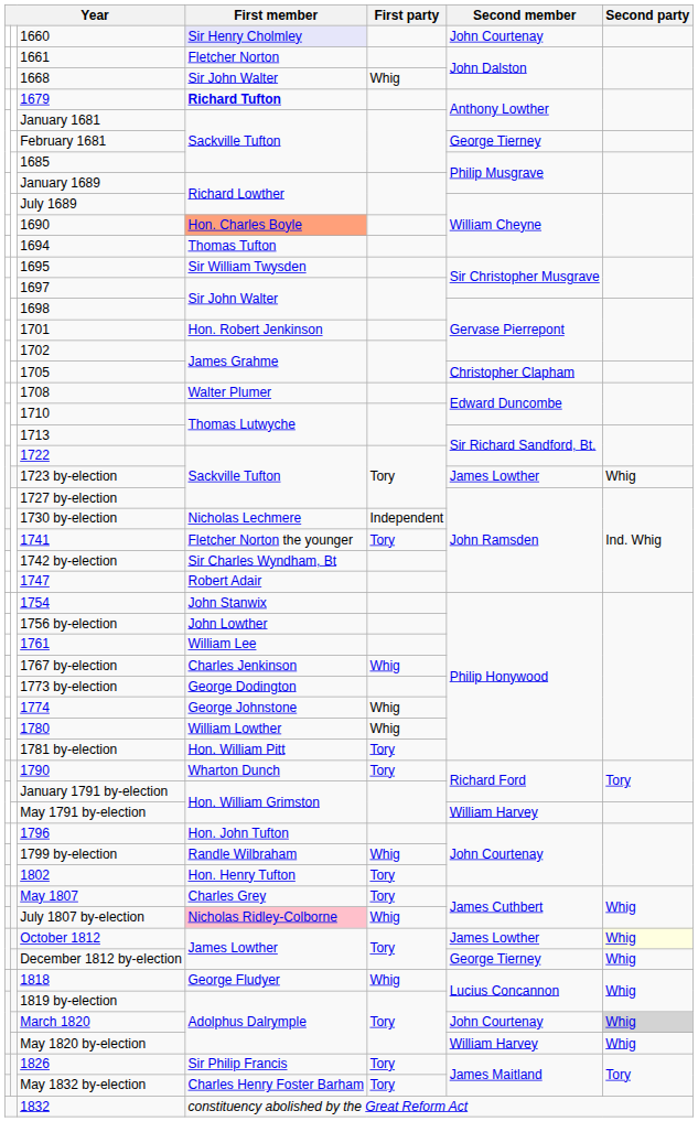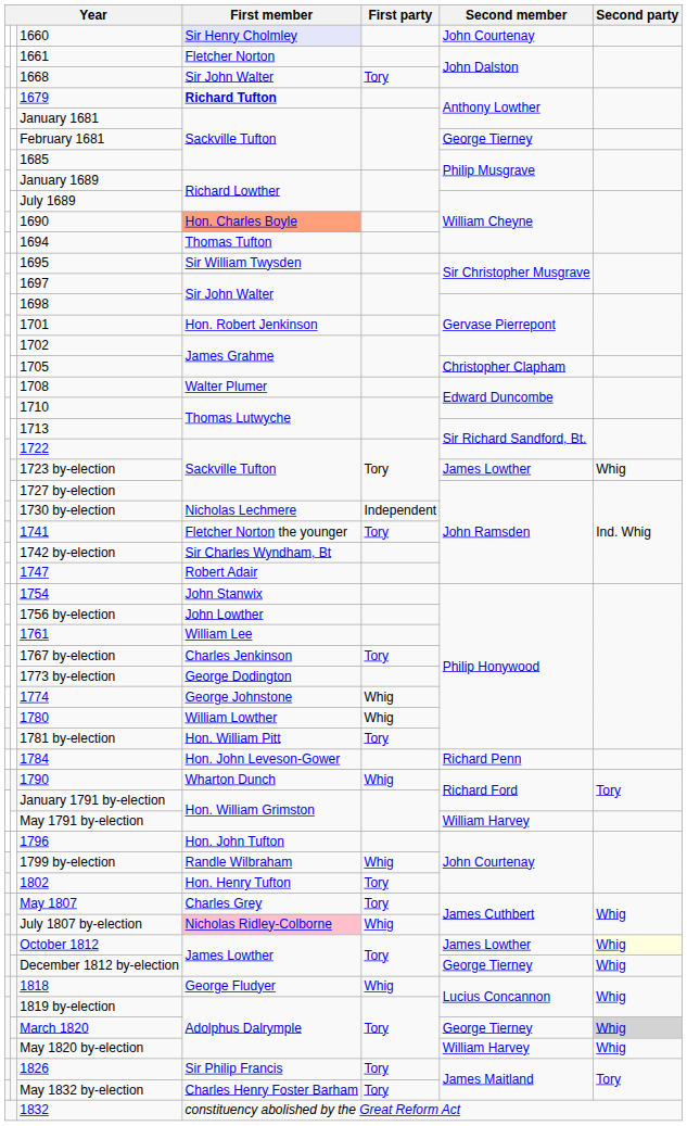 <table class="wikitable">
 <tr>
 <th colspan="3">Year</th>
 <th>First member</th>
 <th>First party</th>
 <th>Second member</th>
 <th>Second party</th>
 </tr>
 <tr>
 <td style="color:inherit;background-color: white"></td>
 <td style="color:inherit;background-color: white"></td>
 <td>1660</td>
 <td style="background: lavender;"><a href='#'>Sir Henry Cholmley</a></td>
 <td></td>
 <td><a href='#'>John Courtenay</a></td>
 <td></td>
 </tr>
 <tr>
 <td style="color:inherit;background-color: white"></td>
 <td rowspan="2" style="color:inherit;background-color: white"></td>
 <td>1661</td>
 <td><a href='#'>Fletcher Norton</a></td>
 <td></td>
 <td rowspan="2"><a href='#'>John Dalston</a></td>
 <td rowspan="2"></td>
 </tr>
 <tr>
 <td style="color:inherit;background-color: "></td>
 <td>1668</td>
 <td><a href='#'>Sir John Walter</a></td>
-<td>Whig</td>
+<td><a href='#'>Tory</a></td>
 </tr>
 <tr>
 <td style="color:inherit;background-color: white"></td>
 <td rowspan="2" style="color:inherit;background-color: white"></td>
 <td><a href='#'>1679</a></td>
 <td><strong><a href='#'>Richard Tufton</a></strong></td>
 <td></td>
 <td rowspan="2"><a href='#'>Anthony Lowther</a></td>
 <td rowspan="2"></td>
 </tr>
 <tr>
 <td rowspan="3" style="color:inherit;background-color: white"></td>
 <td>January 1681</td>
 <td rowspan="3"><a href='#'>Sackville Tufton</a></td>
 <td rowspan="3"></td>
 </tr>
 <tr>
 <td style="color:inherit;background-color: white"></td>
 <td>February 1681</td>
 <td><a href='#'>George Tierney</a></td>
 <td></td>
 </tr>
 <tr>
 <td rowspan="2" style="color:inherit;background-color: white"></td>
 <td>1685</td>
 <td rowspan="2"><a href='#'>Philip Musgrave</a></td>
 <td rowspan="2"></td>
 </tr>
 <tr>
 <td rowspan="2" style="color:inherit;background-color: white"></td>
 <td>January 1689</td>
 <td rowspan="2"><a href='#'>Richard Lowther</a></td>
 <td rowspan="2"></td>
 </tr>
 <tr>
 <td rowspan="3" style="color:inherit;background-color: white"></td>
 <td>July 1689</td>
 <td rowspan="3"><a href='#'>William Cheyne</a></td>
 <td rowspan="3"></td>
 </tr>
 <tr>
 <td style="color:inherit;background-color: white"></td>
 <td>1690</td>
 <td style="background: lightsalmon;"><a href='#'>Hon. Charles Boyle</a></td>
 <td></td>
 </tr>
 <tr>
 <td style="color:inherit;background-color: white"></td>
 <td>1694</td>
 <td><a href='#'>Thomas Tufton</a></td>
 <td></td>
 </tr>
 <tr>
 <td style="color:inherit;background-color: white"></td>
 <td rowspan="2" style="color:inherit;background-color: white"></td>
 <td>1695</td>
 <td><a href='#'>Sir William Twysden</a></td>
 <td></td>
 <td rowspan="2"><a href='#'>Sir Christopher Musgrave</a></td>
 <td rowspan="2"></td>
 </tr>
 <tr>
 <td rowspan="2" style="color:inherit;background-color: white"></td>
 <td>1697</td>
 <td rowspan="2"><a href='#'>Sir John Walter</a></td>
 <td rowspan="2"></td>
 </tr>
 <tr>
 <td rowspan="3" style="color:inherit;background-color: white"></td>
 <td>1698</td>
 <td rowspan="3"><a href='#'>Gervase Pierrepont</a></td>
 <td rowspan="3"></td>
 </tr>
 <tr>
 <td style="color:inherit;background-color: white"></td>
 <td>1701</td>
 <td><a href='#'>Hon. Robert Jenkinson</a></td>
 <td></td>
 </tr>
 <tr>
 <td rowspan="2" style="color:inherit;background-color: white"></td>
 <td>1702</td>
 <td rowspan="2"><a href='#'>James Grahme</a></td>
 <td rowspan="2"></td>
 </tr>
 <tr>
 <td style="color:inherit;background-color: white"></td>
 <td>1705</td>
 <td><a href='#'>Christopher Clapham</a></td>
 <td></td>
 </tr>
 <tr>
 <td style="color:inherit;background-color: white"></td>
 <td rowspan="2" style="color:inherit;background-color: white"></td>
 <td>1708</td>
 <td><a href='#'>Walter Plumer</a></td>
 <td></td>
 <td rowspan="2"><a href='#'>Edward Duncombe</a></td>
 <td rowspan="2"></td>
 </tr>
 <tr>
 <td rowspan="2" style="color:inherit;background-color: white"></td>
 <td>1710</td>
 <td rowspan="2"><a href='#'>Thomas Lutwyche</a></td>
 <td rowspan="2"></td>
 </tr>
 <tr>
 <td rowspan="2" style="color:inherit;background-color: white"></td>
 <td>1713</td>
 <td rowspan="2"><a href='#'>Sir Richard Sandford, Bt.</a></td>
 <td rowspan="2"></td>
 </tr>
 <tr>
 <td rowspan="3" style="color:inherit;background-color: "></td>
 <td><a href='#'>1722</a></td>
 <td rowspan="3"><a href='#'>Sackville Tufton</a></td>
 <td rowspan="3">Tory</td>
 </tr>
 <tr>
 <td style="color:inherit;background-color: "></td>
 <td>1723 by-election</td>
 <td><a href='#'>James Lowther</a></td>
 <td>Whig</td>
 </tr>
 <tr>
 <td rowspan="5" style="color:inherit;background-color: white"></td>
 <td>1727 by-election</td>
 <td rowspan="5"><a href='#'>John Ramsden</a></td>
 <td rowspan="5">Ind. Whig</td>
 </tr>
 <tr>
 <td style="color:inherit;background-color: "></td>
 <td>1730 by-election</td>
 <td><a href='#'>Nicholas Lechmere</a></td>
 <td>Independent</td>
 </tr>
 <tr>
 <td style="color:inherit;background-color: "></td>
 <td><a href='#'>1741</a></td>
 <td><a href='#'>Fletcher Norton</a> the younger</td>
 <td><a href='#'>Tory</a></td>
 </tr>
 <tr>
 <td style="color:inherit;background-color: white"></td>
 <td>1742 by-election</td>
 <td><a href='#'>Sir Charles Wyndham, Bt</a></td>
 <td></td>
 </tr>
 <tr>
 <td style="color:inherit;background-color: white"></td>
 <td><a href='#'>1747</a></td>
 <td><a href='#'>Robert Adair</a></td>
 <td></td>
 </tr>
 <tr>
 <td style="color:inherit;background-color: white"></td>
 <td rowspan="8" style="color:inherit;background-color: white"></td>
 <td><a href='#'>1754</a></td>
 <td><a href='#'>John Stanwix</a></td>
 <td></td>
 <td rowspan="8"><a href='#'>Philip Honywood</a></td>
 <td rowspan="8"></td>
 </tr>
 <tr>
 <td style="color:inherit;background-color: white"></td>
 <td>1756 by-election</td>
 <td><a href='#'>John Lowther</a></td>
 <td></td>
 </tr>
 <tr>
 <td style="color:inherit;background-color: white"></td>
 <td><a href='#'>1761</a></td>
 <td><a href='#'>William Lee</a></td>
 <td></td>
 </tr>
 <tr>
 <td style="color:inherit;background-color: "></td>
 <td>1767 by-election</td>
 <td><a href='#'>Charles Jenkinson</a></td>
-<td><a href='#'>Whig</a></td>
+<td><a href='#'>Tory</a></td>
 </tr>
 <tr>
 <td style="color:inherit;background-color: white"></td>
 <td>1773 by-election</td>
 <td><a href='#'>George Dodington</a></td>
 <td></td>
 </tr>
 <tr>
 <td style="color:inherit;background-color: white"></td>
 <td><a href='#'>1774</a></td>
 <td><a href='#'>George Johnstone</a></td>
 <td>Whig</td>
 </tr>
 <tr>
 <td style="color:inherit;background-color: "></td>
 <td><a href='#'>1780</a></td>
 <td><a href='#'>William Lowther</a></td>
 <td>Whig</td>
 </tr>
 <tr>
 <td style="color:inherit;background-color: "></td>
 <td>1781 by-election</td>
 <td><a href='#'>Hon. William Pitt</a></td>
 <td><a href='#'>Tory</a></td>
 </tr>
 <tr>
+<td style="color:inherit;background-color: white"></td>
+<td style="color:inherit;background-color: white"></td>
+<td><a href='#'>1784</a></td>
+<td><a href='#'>Hon. John Leveson-Gower</a></td>
+<td></td>
+<td><a href='#'>Richard Penn</a></td>
+<td></td>
+</tr>
+<tr>
 <td style="color:inherit;background-color: "></td>
 <td rowspan="2" style="color:inherit;background-color: "></td>
 <td><a href='#'>1790</a></td>
 <td><a href='#'>Wharton Dunch</a></td>
-<td><a href='#'>Tory</a></td>
+<td><a href='#'>Whig</a></td>
 <td rowspan="2"><a href='#'>Richard Ford</a></td>
 <td rowspan="2"><a href='#'>Tory</a></td>
 </tr>
 <tr>
 <td rowspan="2" style="color:inherit;background-color: white"></td>
 <td>January 1791 by-election</td>
 <td rowspan="2"><a href='#'>Hon. William Grimston</a></td>
 <td rowspan="2"></td>
 </tr>
 <tr>
 <td style="color:inherit;background-color: white"></td>
 <td>May 1791 by-election</td>
 <td><a href='#'>William Harvey</a></td>
 <td></td>
 </tr>
 <tr>
 <td style="color:inherit;background-color: white"></td>
 <td rowspan="3" style="color:inherit;background-color: white"></td>
 <td><a href='#'>1796</a></td>
 <td><a href='#'>Hon. John Tufton</a></td>
 <td></td>
 <td rowspan="3"><a href='#'>John Courtenay</a></td>
 <td rowspan="3"></td>
 </tr>
 <tr>
 <td style="color:inherit;background-color: "></td>
 <td>1799 by-election</td>
 <td><a href='#'>Randle Wilbraham</a></td>
 <td><a href='#'>Whig</a></td>
 </tr>
 <tr>
 <td style="color:inherit;background-color: "></td>
 <td><a href='#'>1802</a></td>
 <td><a href='#'>Hon. Henry Tufton</a></td>
 <td><a href='#'>Tory</a></td>
 </tr>
 <tr>
 <td style="color:inherit;background-color: "></td>
 <td rowspan="2" style="color:inherit;background-color: "></td>
 <td><a href='#'>May 1807</a></td>
 <td><a href='#'>Charles Grey</a></td>
 <td><a href='#'>Tory</a></td>
 <td rowspan="2"><a href='#'>James Cuthbert</a></td>
 <td rowspan="2"><a href='#'>Whig</a></td>
 </tr>
 <tr>
 <td style="color:inherit;background-color: "></td>
 <td>July 1807 by-election</td>
 <td style="background: pink;"><a href='#'>Nicholas Ridley-Colborne</a></td>
 <td><a href='#'>Whig</a></td>
 </tr>
 <tr>
 <td rowspan="2" style="color:inherit;background-color: "></td>
 <td style="color:inherit;background-color: "></td>
 <td><a href='#'>October 1812</a></td>
 <td rowspan="2"><a href='#'>James Lowther</a></td>
 <td rowspan="2"><a href='#'>Tory</a></td>
 <td><a href='#'>James Lowther</a></td>
 <td style="background: lightyellow;"><a href='#'>Whig</a></td>
 </tr>
 <tr>
 <td style="color:inherit;background-color: "></td>
 <td>December 1812 by-election</td>
 <td><a href='#'>George Tierney</a></td>
 <td><a href='#'>Whig</a></td>
 </tr>
 <tr>
 <td style="color:inherit;background-color: "></td>
 <td rowspan="2" style="color:inherit;background-color: "></td>
 <td><a href='#'>1818</a></td>
 <td><a href='#'>George Fludyer</a></td>
 <td><a href='#'>Whig</a></td>
 <td rowspan="2"><a href='#'>Lucius Concannon</a></td>
 <td rowspan="2"><a href='#'>Whig</a></td>
 </tr>
 <tr>
 <td rowspan="3" style="color:inherit;background-color: "></td>
 <td>1819 by-election</td>
 <td rowspan="3"><a href='#'>Adolphus Dalrymple</a></td>
 <td rowspan="3"><a href='#'>Tory</a></td>
 </tr>
 <tr>
 <td style="color:inherit;background-color: "></td>
 <td><a href='#'>March 1820</a></td>
-<td><a href='#'>John Courtenay</a></td>
+<td><a href='#'>George Tierney</a></td>
 <td style="background: lightgrey;"><a href='#'>Whig</a></td>
 </tr>
 <tr>
 <td style="color:inherit;background-color: "></td>
 <td>May 1820 by-election</td>
 <td><a href='#'>William Harvey</a></td>
 <td><a href='#'>Whig</a></td>
 </tr>
 <tr>
 <td style="color:inherit;background-color: "></td>
 <td rowspan="2" style="color:inherit;background-color: "></td>
 <td><a href='#'>1826</a></td>
 <td><a href='#'>Sir Philip Francis</a></td>
 <td><a href='#'>Tory</a></td>
 <td rowspan="2"><a href='#'>James Maitland</a></td>
 <td rowspan="2"><a href='#'>Tory</a></td>
 </tr>
 <tr>
 <td style="color:inherit;background-color: "></td>
 <td>May 1832 by-election</td>
 <td><a href='#'>Charles Henry Foster Barham</a></td>
 <td><a href='#'>Tory</a></td>
 </tr>
 <tr>
 <td colspan="2"></td>
 <td><a href='#'>1832</a></td>
 <td colspan="4"><em>constituency abolished by the <a href='#'>Great Reform Act</a></em></td>
 </tr>
 </table>
